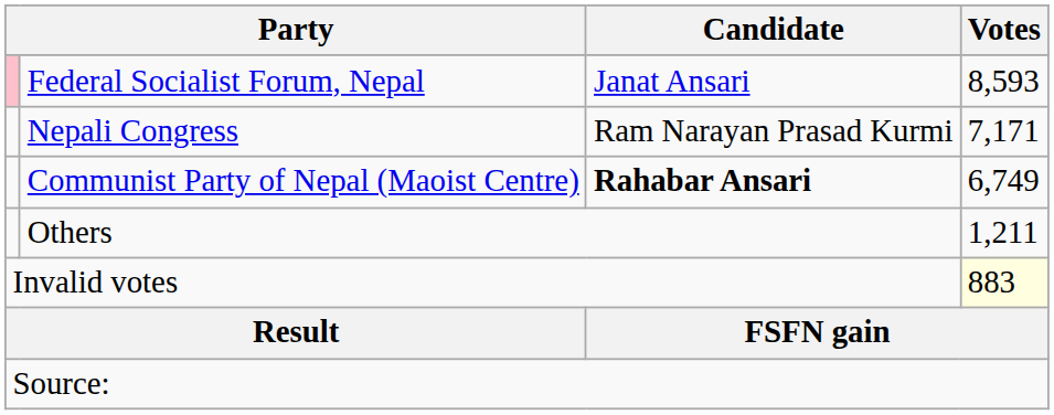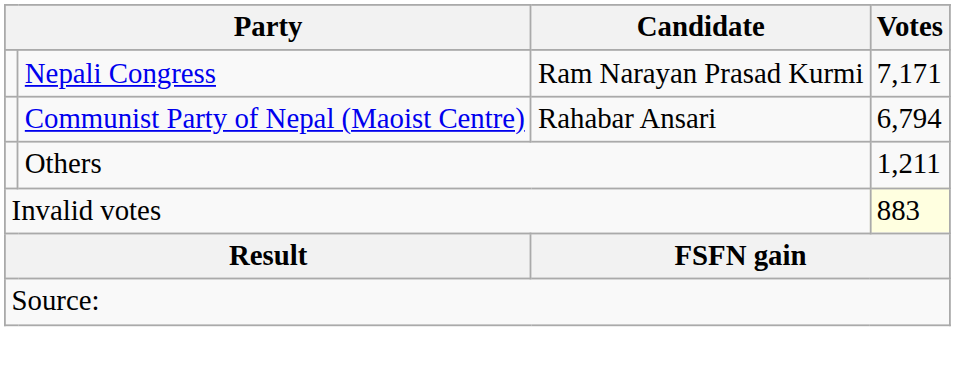 <table class="wikitable">
 <tr>
 <th colspan="2">Party</th>
 <th>Candidate</th>
 <th>Votes</th>
-</tr>
-<tr>
-<td style="background-color:#ffc0cb"></td>
-<td><a href='#'>Federal Socialist Forum, Nepal</a></td>
-<td><a href='#'>Janat Ansari</a></td>
-<td>8,593</td>
 </tr>
 <tr>
 <td style="background-color:"></td>
 <td><a href='#'>Nepali Congress</a></td>
 <td>Ram Narayan Prasad Kurmi</td>
 <td>7,171</td>
 </tr>
 <tr>
 <td style="background-color:"></td>
 <td><a href='#'>Communist Party of Nepal (Maoist Centre)</a></td>
-<td><strong>Rahabar Ansari</strong></td>
-<td>6,749</td>
+<td>Rahabar Ansari</td>
+<td>6,794</td>
 </tr>
 <tr>
 <td></td>
 <td colspan="2">Others</td>
 <td>1,211</td>
 </tr>
 <tr>
 <td colspan="3">Invalid votes</td>
 <td style="background: lightyellow;">883</td>
 </tr>
 <tr>
 <th colspan="2">Result</th>
 <th colspan="2">FSFN gain</th>
 </tr>
 <tr>
 <td colspan="4">Source: </td>
 </tr>
 </table>
